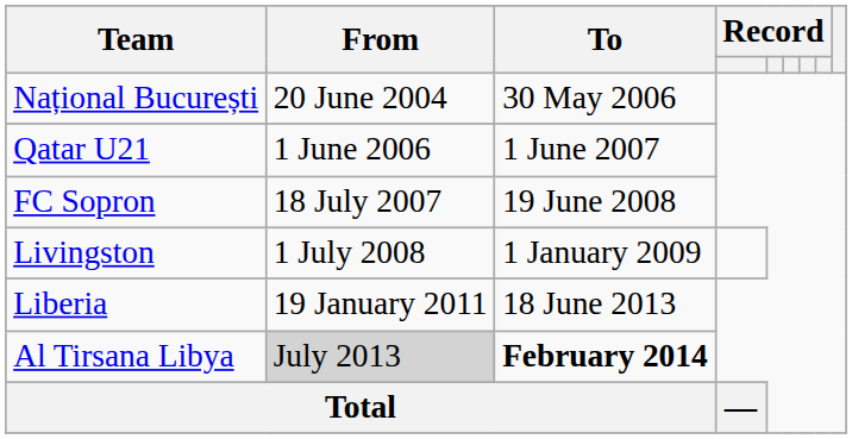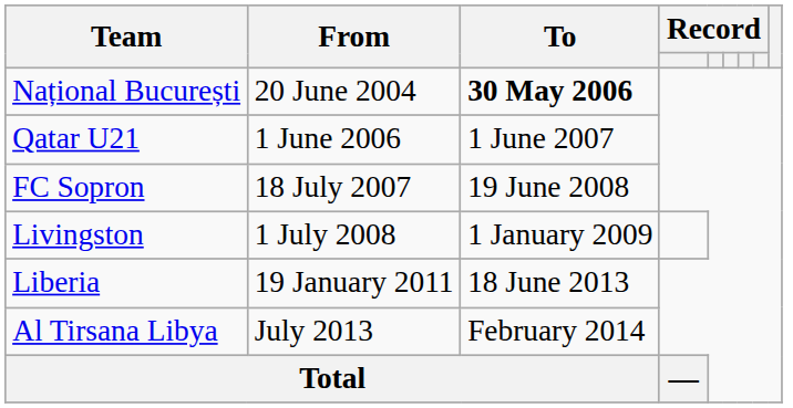 <table class=wikitable style="text-align: center">
 <tr>
 <th rowspan=2>Team</th>
 <th rowspan=2>From</th>
 <th rowspan=2>To</th>
 <th colspan=5>Record</th>
 <th rowspan=2></th>
 </tr>
 <tr>
 <th></th>
 <th></th>
 <th></th>
 <th></th>
 <th></th>
 </tr>
 <tr>
 <td align=left><a href='#'>Național București</a></td>
 <td align=left>20 June 2004</td>
-<td align=left>30 May 2006<br></td>
+<td align=left><strong>30 May 2006<br></strong></td>
 </tr>
 <tr>
 <td align=left><a href='#'>Qatar U21</a></td>
 <td align=left>1 June 2006</td>
 <td align=left>1 June 2007<br></td>
 </tr>
 <tr>
 <td align=left><a href='#'>FC Sopron</a></td>
 <td align=left>18 July 2007</td>
 <td align=left>19 June 2008<br></td>
 </tr>
 <tr>
 <td align=left><a href='#'>Livingston</a></td>
 <td align=left>1 July 2008</td>
 <td align=left>1 January 2009<br></td>
 <td></td>
 </tr>
 <tr>
 <td align=left><a href='#'>Liberia</a></td>
 <td align=left>19 January 2011</td>
 <td align=left>18 June 2013<br></td>
 </tr>
 <tr>
 <td align=left><a href='#'>Al Tirsana Libya</a></td>
-<td align=left style="background: lightgrey;">July 2013</td>
-<td align=left><strong>February 2014<br></strong></td>
+<td align=left>July 2013</td>
+<td align=left>February 2014<br></td>
 </tr>
 <tr>
 <th colspan=3>Total<br></th>
 <th>—</th>
 </tr>
 </table>
